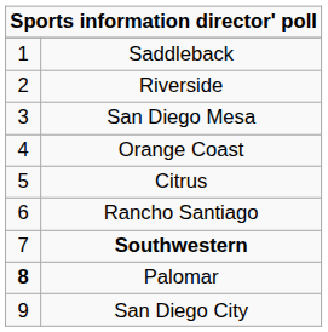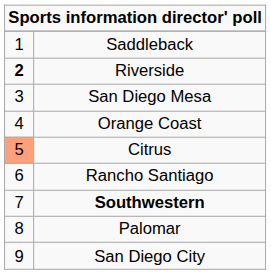 <table class="wikitable" style="display: inline-table;">
 <tr>
 <td align="center" Colspan="2"><strong>Sports information director' poll</strong></td>
 </tr>
 <tr align="center">
 </tr>
 <tr align="center">
 <td>1</td>
 <td>Saddleback</td>
 </tr>
 <tr align="center">
-<td>2</td>
+<td><strong>2</strong></td>
 <td>Riverside</td>
 </tr>
 <tr align="center">
 <td>3</td>
 <td>San Diego Mesa</td>
 </tr>
 <tr align="center">
 <td>4</td>
 <td>Orange Coast</td>
 </tr>
 <tr align="center">
-<td>5</td>
+<td style="background: lightsalmon;">5</td>
 <td>Citrus</td>
 </tr>
 <tr align="center">
 <td>6</td>
 <td>Rancho Santiago</td>
 </tr>
 <tr align="center">
 <td>7</td>
 <td><strong>Southwestern</strong></td>
 </tr>
 <tr align="center">
-<td><strong>8</strong></td>
+<td>8</td>
 <td>Palomar</td>
 </tr>
 <tr align="center">
 <td>9</td>
 <td>San Diego City</td>
 </tr>
 </table>
